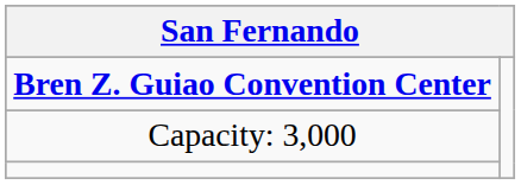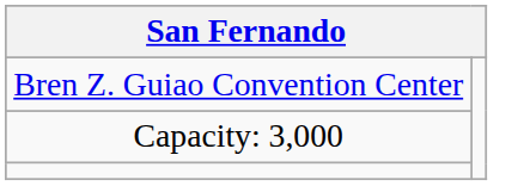 <table class="wikitable" style="text-align:center">
 <tr>
 <th colspan=2><a href='#'>San Fernando</a></th>
 </tr>
 <tr>
-<td><strong><a href='#'>Bren Z. Guiao Convention Center</a></strong></td>
+<td><a href='#'>Bren Z. Guiao Convention Center</a></td>
 <td rowspan=3></td>
 </tr>
 <tr>
 <td>Capacity: 3,000</td>
 </tr>
 <tr>
 <td></td>
 </tr>
 </table>
